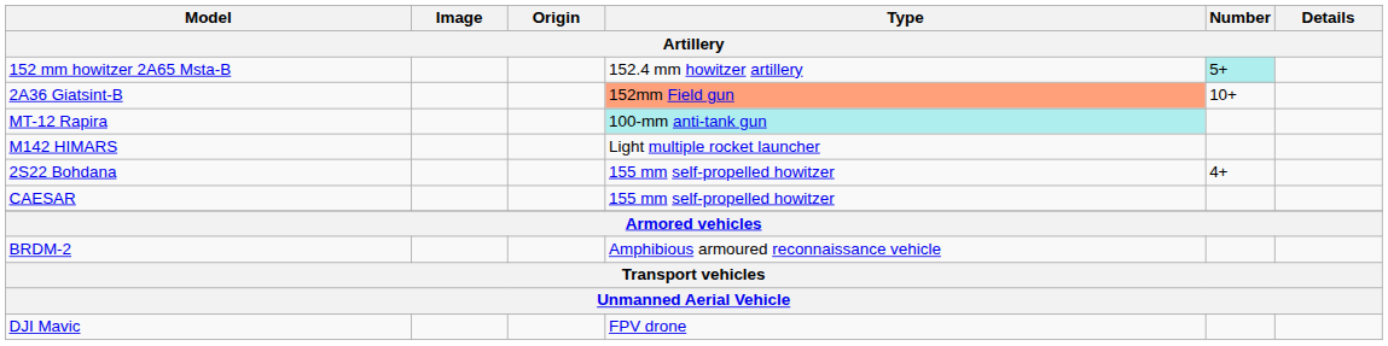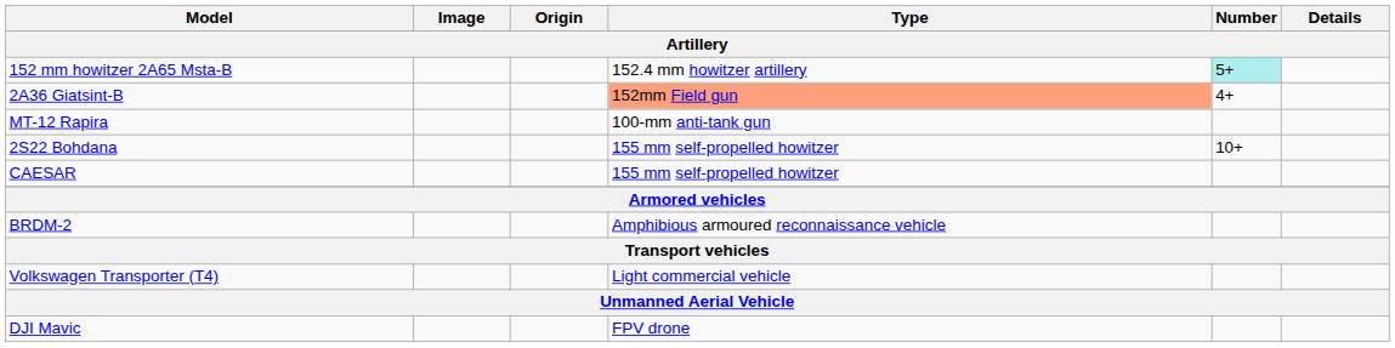 <table class="wikitable">
 <tr>
 <th>Model</th>
 <th>Image</th>
 <th>Origin</th>
 <th>Type</th>
 <th style="width:5%;">Number</th>
 <th>Details</th>
 </tr>
 <tr>
 <th colspan="6" style="align: center;">Artillery</th>
 </tr>
 <tr>
 <td><a href='#'>152 mm howitzer 2A65 Msta-B</a></td>
 <td></td>
 <td></td>
 <td>152.4 mm <a href='#'>howitzer</a> <a href='#'>artillery</a></td>
 <td style="background: paleturquoise;">5+</td>
 <td></td>
 </tr>
 <tr>
 <td><a href='#'>2A36 Giatsint-B</a></td>
 <td></td>
 <td></td>
 <td style="background: lightsalmon;">152mm <a href='#'>Field gun</a></td>
-<td>10+</td>
+<td>4+</td>
 <td></td>
 </tr>
 <tr>
 <td><a href='#'>MT-12 Rapira</a></td>
 <td></td>
 <td></td>
-<td style="background: paleturquoise;">100-mm <a href='#'>anti-tank gun</a></td>
-<td></td>
-<td></td>
-</tr>
-<tr>
-<td><a href='#'>M142 HIMARS</a></td>
-<td></td>
-<td></td>
-<td>Light <a href='#'>multiple rocket launcher</a></td>
+<td>100-mm <a href='#'>anti-tank gun</a></td>
 <td></td>
 <td></td>
 </tr>
 <tr>
 <td><a href='#'>2S22 Bohdana</a></td>
 <td></td>
 <td></td>
 <td><a href='#'>155 mm</a> <a href='#'>self-propelled howitzer</a></td>
-<td>4+</td>
+<td>10+</td>
 <td></td>
 </tr>
 <tr>
 <td><a href='#'>CAESAR</a></td>
 <td></td>
 <td></td>
 <td><a href='#'>155 mm</a> <a href='#'>self-propelled howitzer</a></td>
 <td></td>
 <td></td>
 </tr>
 <tr>
 </tr>
 <tr>
 <th colspan="6" style="align: center;"><a href='#'>Armored vehicles</a></th>
 </tr>
 <tr>
 <td><a href='#'>BRDM-2</a></td>
 <td></td>
 <td></td>
 <td><a href='#'>Amphibious</a> armoured <a href='#'>reconnaissance vehicle</a></td>
 <td></td>
 <td></td>
 </tr>
 <tr>
 <th colspan="6" style="align: center;">Transport vehicles</th>
 </tr>
 <tr>
+<td><a href='#'>Volkswagen Transporter (T4)</a></td>
+<td></td>
+<td></td>
+<td><a href='#'>Light commercial vehicle</a></td>
+<td></td>
+<td></td>
+</tr>
+<tr>
 <th colspan="6" style="align: center;"><a href='#'>Unmanned Aerial Vehicle</a></th>
 </tr>
 <tr>
 <td><a href='#'>DJI Mavic</a></td>
 <td></td>
 <td></td>
 <td><a href='#'>FPV drone</a></td>
 <td></td>
 <td></td>
 </tr>
 </table>
